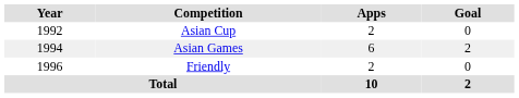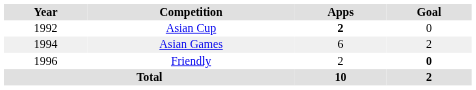 <table border="0" cellpadding="2" cellspacing="0" style="width:50%;">
 <tr style="text-align:center; background:#e0e0e0;">
 <th>Year</th>
 <th>Competition</th>
 <th>Apps</th>
 <th>Goal</th>
 </tr>
 <tr style="text-align:center;">
 <td>1992</td>
 <td><a href='#'>Asian Cup</a></td>
-<td>2</td>
+<td><strong>2</strong></td>
 <td>0</td>
 </tr>
 <tr style="text-align:center; background:#f0f0f0;">
 <td>1994</td>
 <td><a href='#'>Asian Games</a></td>
 <td>6</td>
 <td>2</td>
 </tr>
 <tr style="text-align:center;">
 <td>1996</td>
 <td><a href='#'>Friendly</a></td>
 <td>2</td>
-<td>0</td>
+<td><strong>0</strong></td>
 </tr>
 <tr style="text-align:center; background:#e0e0e0;">
 <th colspan="2">Total</th>
 <th style="text-align:center;">10</th>
 <th style="text-align:center;">2</th>
 </tr>
 </table>
